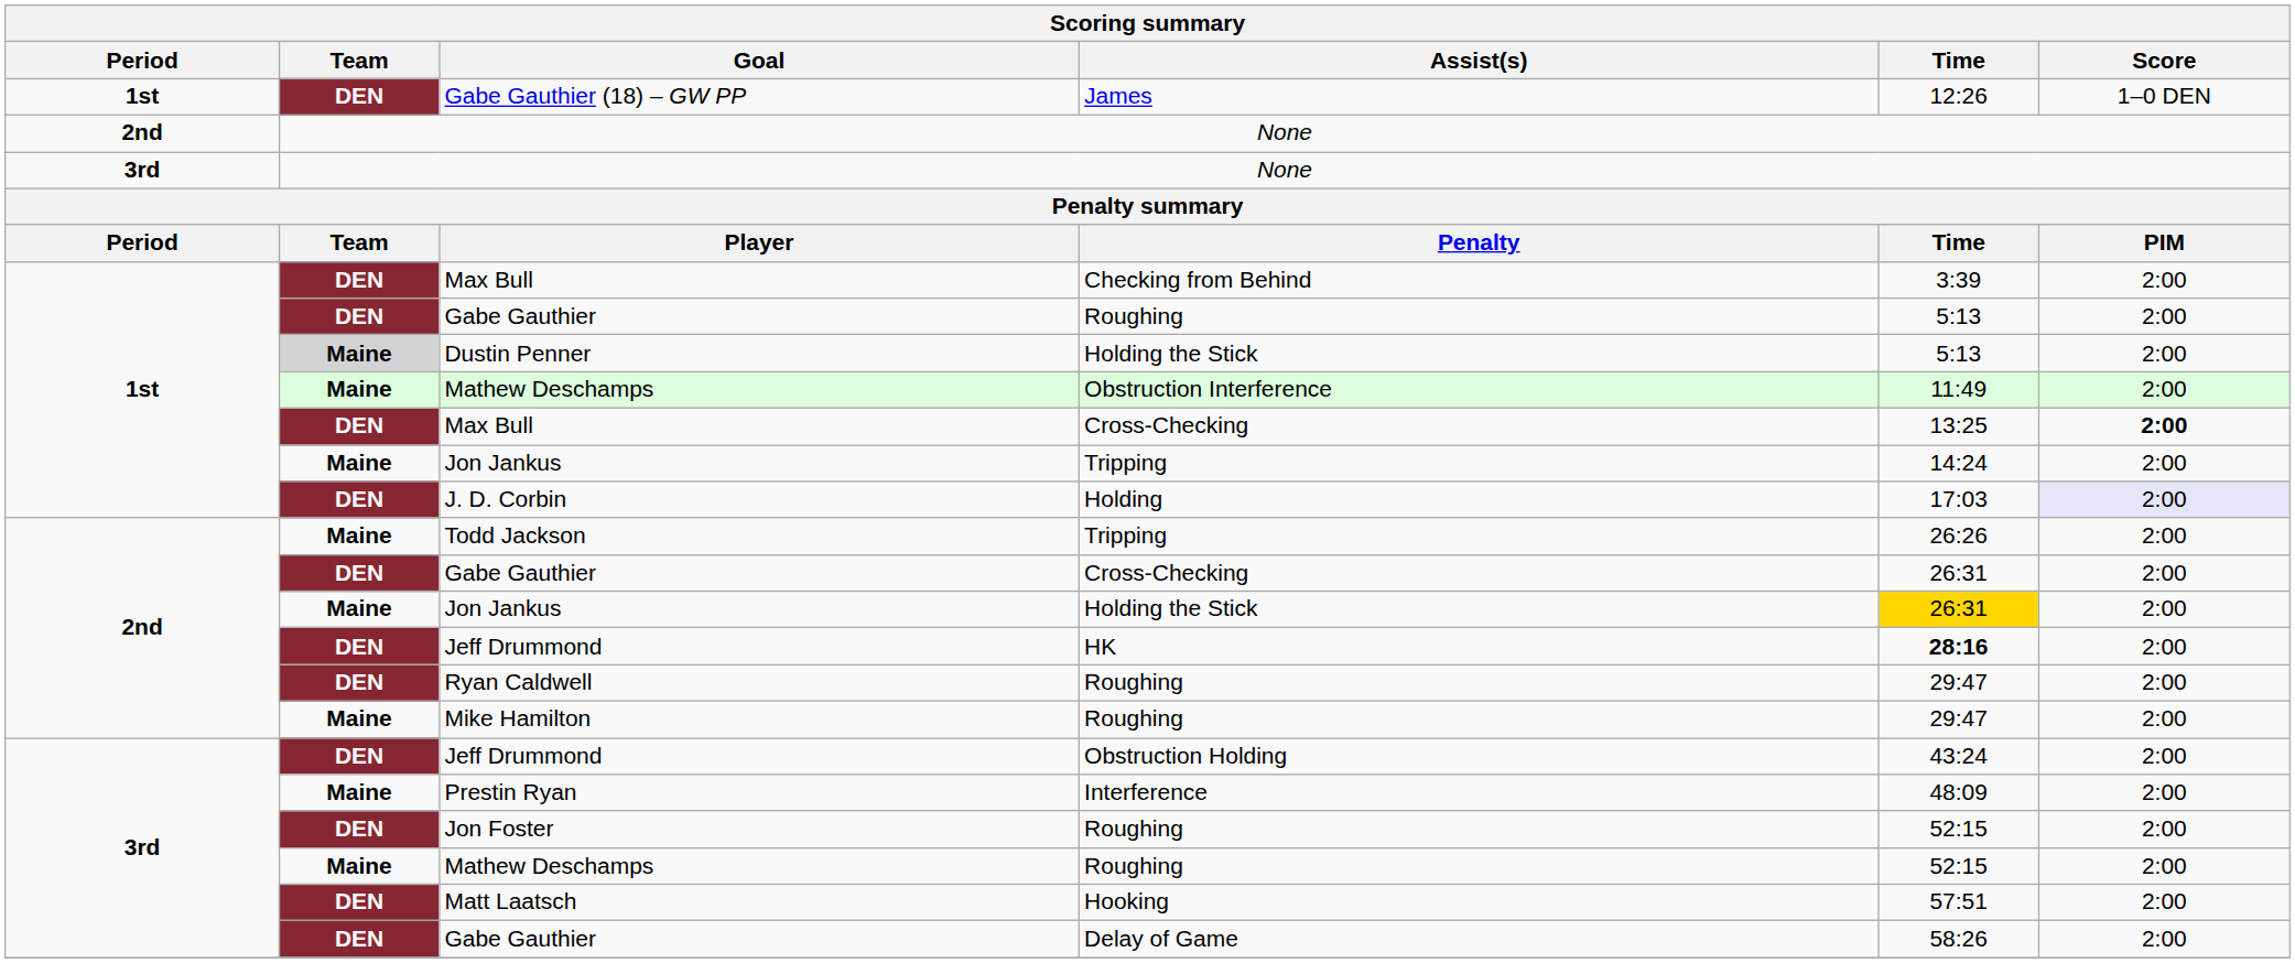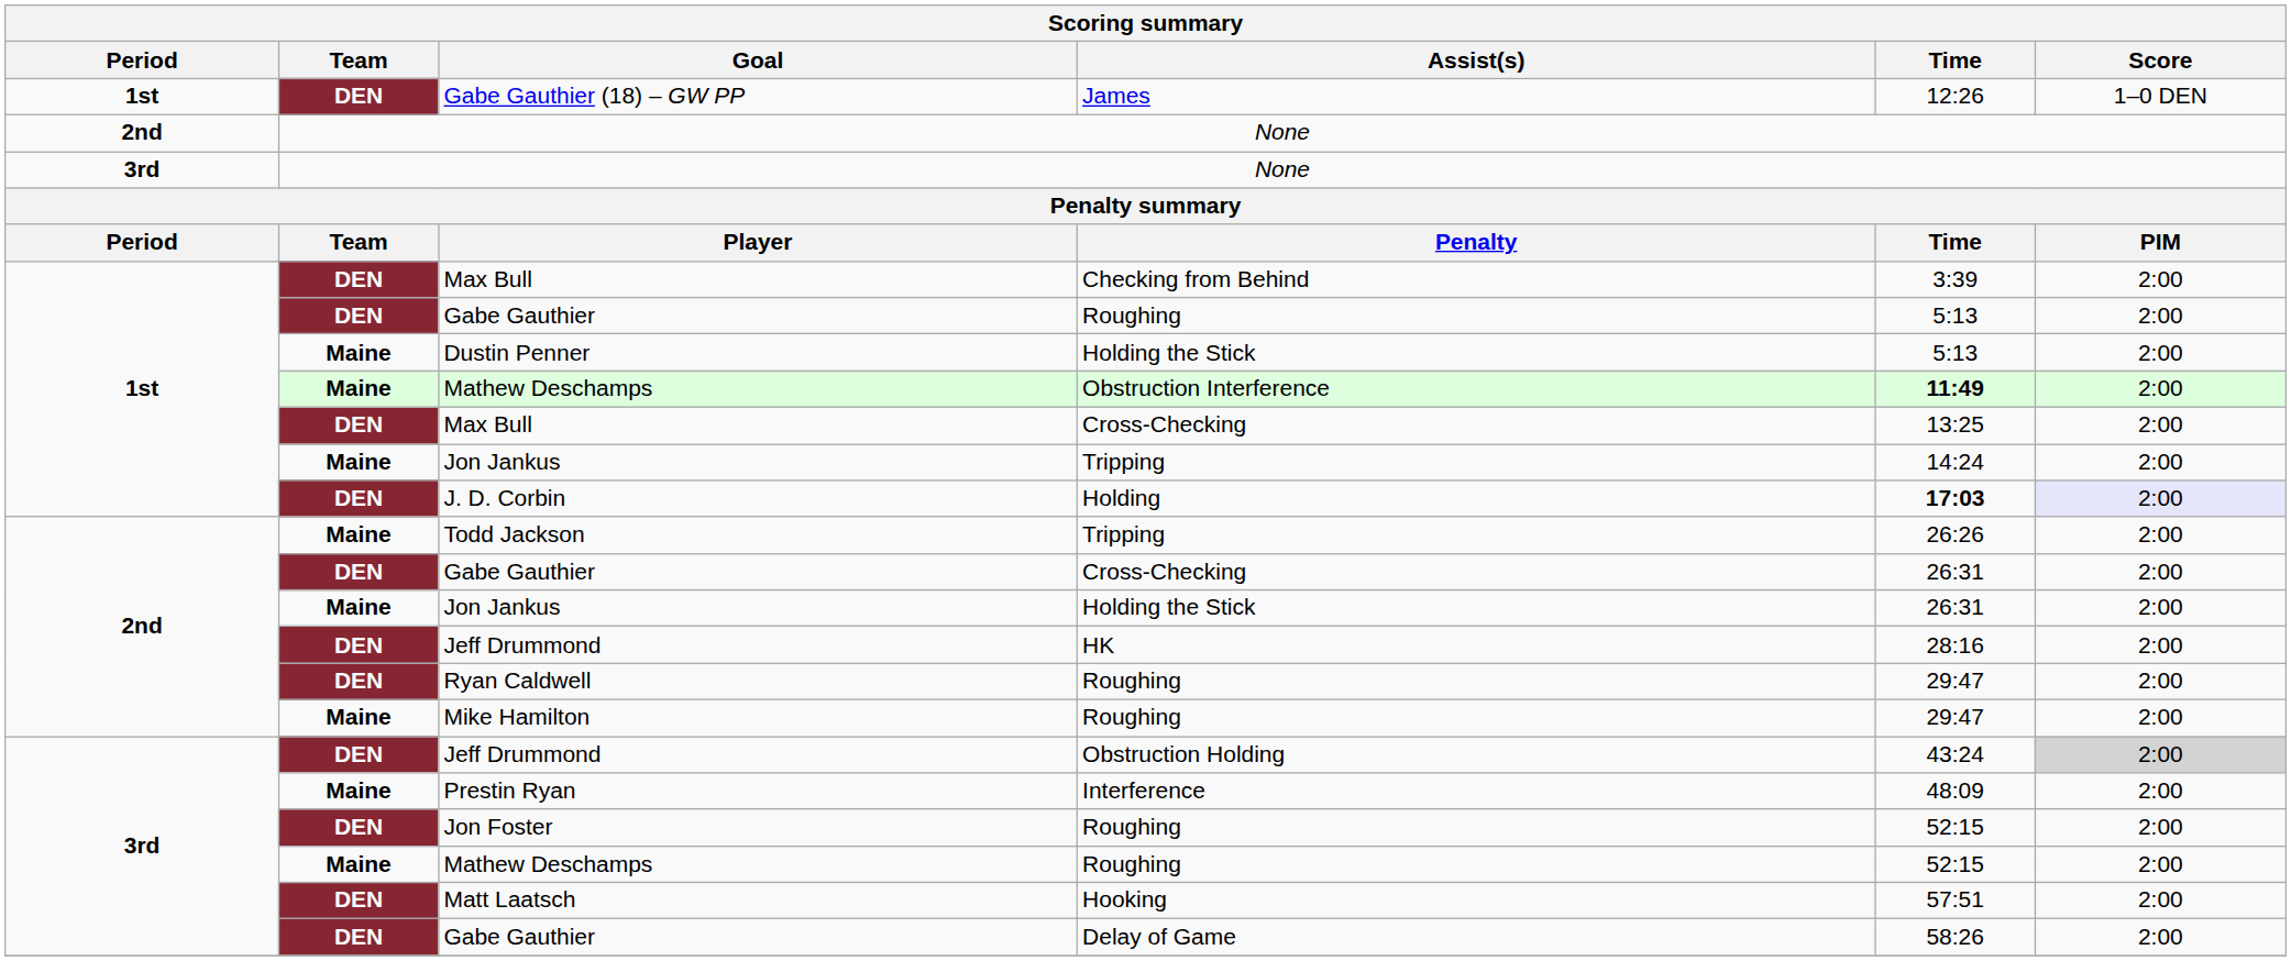 <table style="width:100%;" class="wikitable">
 <tr>
 <th colspan=6>Scoring summary</th>
 </tr>
 <tr>
 <th style="width:12%;">Period</th>
 <th style="width:7%;">Team</th>
 <th style="width:28%;">Goal</th>
 <th style="width:35%;">Assist(s)</th>
 <th style="width:7%;">Time</th>
 <th style="width:11%;">Score</th>
 </tr>
 <tr>
 <td style="text-align:center;" rowspan="1"><strong>1st</strong></td>
 <td align=center style="color:white; background:#862633; "><strong>DEN</strong></td>
 <td><a href='#'>Gabe Gauthier</a> (18) – <em>GW PP</em></td>
 <td><a href='#'>James</a></td>
 <td align=center>12:26</td>
 <td align=center>1–0 DEN</td>
 </tr>
 <tr>
 <td style="text-align:center;" rowspan="1"><strong>2nd</strong></td>
 <td style="text-align:center;" colspan="5"><em>None</em></td>
 </tr>
 <tr>
 <td style="text-align:center;" rowspan="1"><strong>3rd</strong></td>
 <td style="text-align:center;" colspan="5"><em>None</em></td>
 </tr>
 <tr>
 <th colspan=6>Penalty summary</th>
 </tr>
 <tr>
 <th style="width:12%;">Period</th>
 <th style="width:7%;">Team</th>
 <th style="width:28%;">Player</th>
 <th style="width:35%;"><a href='#'>Penalty</a></th>
 <th style="width:7%;">Time</th>
 <th style="width:11%;">PIM</th>
 </tr>
 <tr>
 <td style="text-align:center;" rowspan="7"><strong>1st</strong></td>
 <td align=center style="color:white; background:#862633; "><strong>DEN</strong></td>
 <td>Max Bull</td>
 <td>Checking from Behind</td>
 <td align=center>3:39</td>
 <td align=center>2:00</td>
 </tr>
 <tr>
 <td align=center style="color:white; background:#862633; "><strong>DEN</strong></td>
 <td>Gabe Gauthier</td>
 <td>Roughing</td>
 <td align=center>5:13</td>
 <td align=center>2:00</td>
 </tr>
 <tr>
-<td align=center style="background: lightgrey;"><strong>Maine</strong></td>
+<td align=center><strong>Maine</strong></td>
 <td>Dustin Penner</td>
 <td>Holding the Stick</td>
 <td align=center>5:13</td>
 <td align=center>2:00</td>
 </tr>
 <tr bgcolor=ddffdd>
 <td align=center><strong>Maine</strong></td>
 <td>Mathew Deschamps</td>
 <td>Obstruction Interference</td>
-<td align=center>11:49</td>
+<td align=center><strong>11:49</strong></td>
 <td align=center>2:00</td>
 </tr>
 <tr>
 <td align=center style="color:white; background:#862633; "><strong>DEN</strong></td>
 <td>Max Bull</td>
 <td>Cross-Checking</td>
 <td align=center>13:25</td>
-<td align=center><strong>2:00</strong></td>
+<td align=center>2:00</td>
 </tr>
 <tr>
 <td align=center><strong>Maine</strong></td>
 <td>Jon Jankus</td>
 <td>Tripping</td>
 <td align=center>14:24</td>
 <td align=center>2:00</td>
 </tr>
 <tr>
 <td align=center style="color:white; background:#862633; "><strong>DEN</strong></td>
 <td>J. D. Corbin</td>
 <td>Holding</td>
-<td align=center>17:03</td>
+<td align=center><strong>17:03</strong></td>
 <td align=center style="background: lavender;">2:00</td>
 </tr>
 <tr>
 <td style="text-align:center;" rowspan="6"><strong>2nd</strong></td>
 <td align=center><strong>Maine</strong></td>
 <td>Todd Jackson</td>
 <td>Tripping</td>
 <td align=center>26:26</td>
 <td align=center>2:00</td>
 </tr>
 <tr>
 <td align=center style="color:white; background:#862633; "><strong>DEN</strong></td>
 <td>Gabe Gauthier</td>
 <td>Cross-Checking</td>
 <td align=center>26:31</td>
 <td align=center>2:00</td>
 </tr>
 <tr>
 <td align=center><strong>Maine</strong></td>
 <td>Jon Jankus</td>
 <td>Holding the Stick</td>
-<td align=center style="background: gold;">26:31</td>
+<td align=center>26:31</td>
 <td align=center>2:00</td>
 </tr>
 <tr>
 <td align=center style="color:white; background:#862633; "><strong>DEN</strong></td>
 <td>Jeff Drummond</td>
 <td>HK</td>
-<td align=center><strong>28:16</strong></td>
+<td align=center>28:16</td>
 <td align=center>2:00</td>
 </tr>
 <tr>
 <td align=center style="color:white; background:#862633; "><strong>DEN</strong></td>
 <td>Ryan Caldwell</td>
 <td>Roughing</td>
 <td align=center>29:47</td>
 <td align=center>2:00</td>
 </tr>
 <tr>
 <td align=center><strong>Maine</strong></td>
 <td>Mike Hamilton</td>
 <td>Roughing</td>
 <td align=center>29:47</td>
 <td align=center>2:00</td>
 </tr>
 <tr>
 <td style="text-align:center;" rowspan="6"><strong>3rd</strong></td>
 <td align=center style="color:white; background:#862633; "><strong>DEN</strong></td>
 <td>Jeff Drummond</td>
 <td>Obstruction Holding</td>
 <td align=center>43:24</td>
-<td align=center>2:00</td>
+<td align=center style="background: lightgrey;">2:00</td>
 </tr>
 <tr>
 <td align=center><strong>Maine</strong></td>
 <td>Prestin Ryan</td>
 <td>Interference</td>
 <td align=center>48:09</td>
 <td align=center>2:00</td>
 </tr>
 <tr>
 <td align=center style="color:white; background:#862633; "><strong>DEN</strong></td>
 <td>Jon Foster</td>
 <td>Roughing</td>
 <td align=center>52:15</td>
 <td align=center>2:00</td>
 </tr>
 <tr>
 <td align=center><strong>Maine</strong></td>
 <td>Mathew Deschamps</td>
 <td>Roughing</td>
 <td align=center>52:15</td>
 <td align=center>2:00</td>
 </tr>
 <tr>
 <td align=center style="color:white; background:#862633; "><strong>DEN</strong></td>
 <td>Matt Laatsch</td>
 <td>Hooking</td>
 <td align=center>57:51</td>
 <td align=center>2:00</td>
 </tr>
 <tr>
 <td align=center style="color:white; background:#862633; "><strong>DEN</strong></td>
 <td>Gabe Gauthier</td>
 <td>Delay of Game</td>
 <td align=center>58:26</td>
 <td align=center>2:00</td>
 </tr>
 <tr>
 </tr>
 </table>
